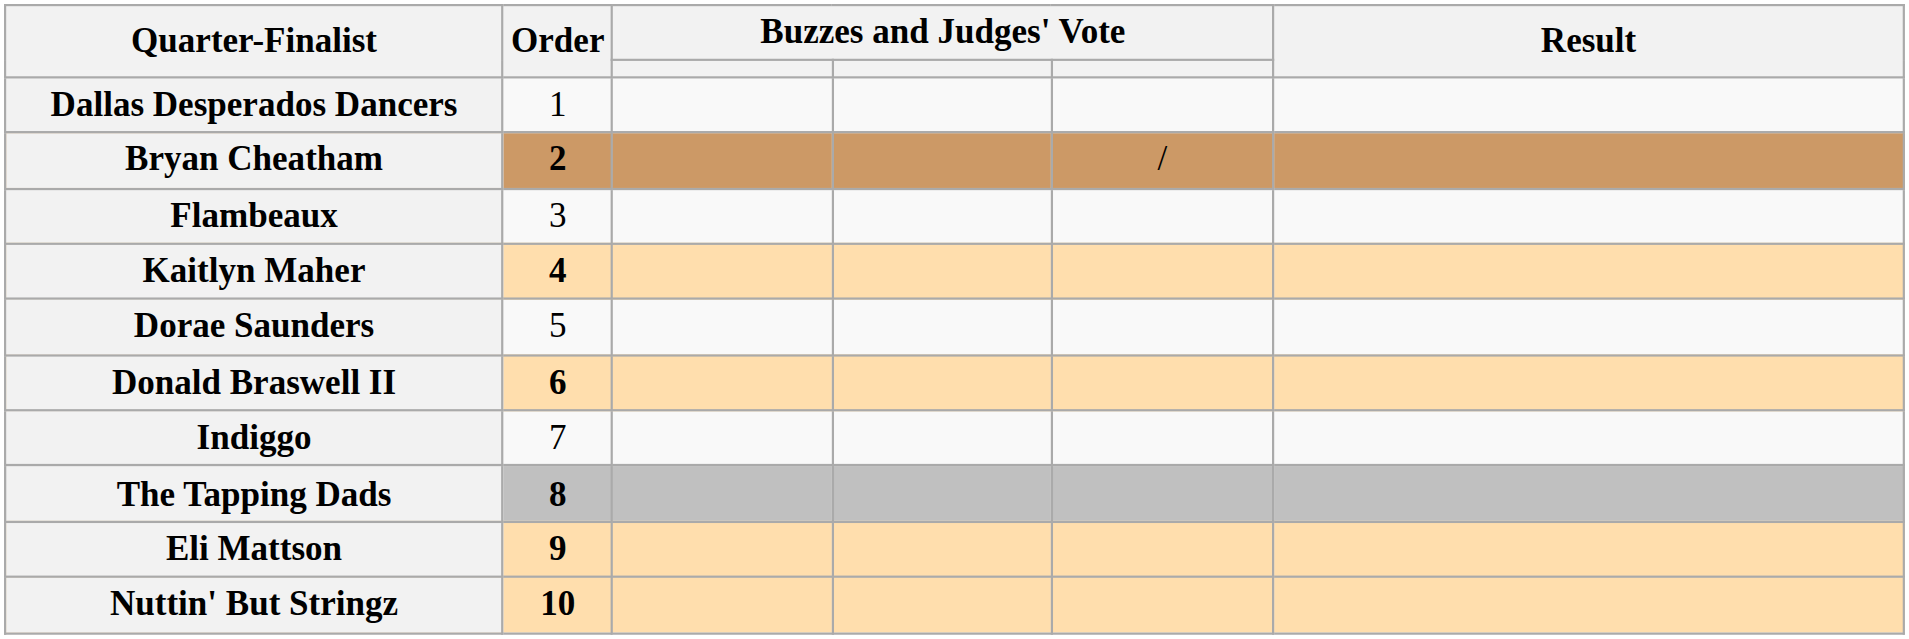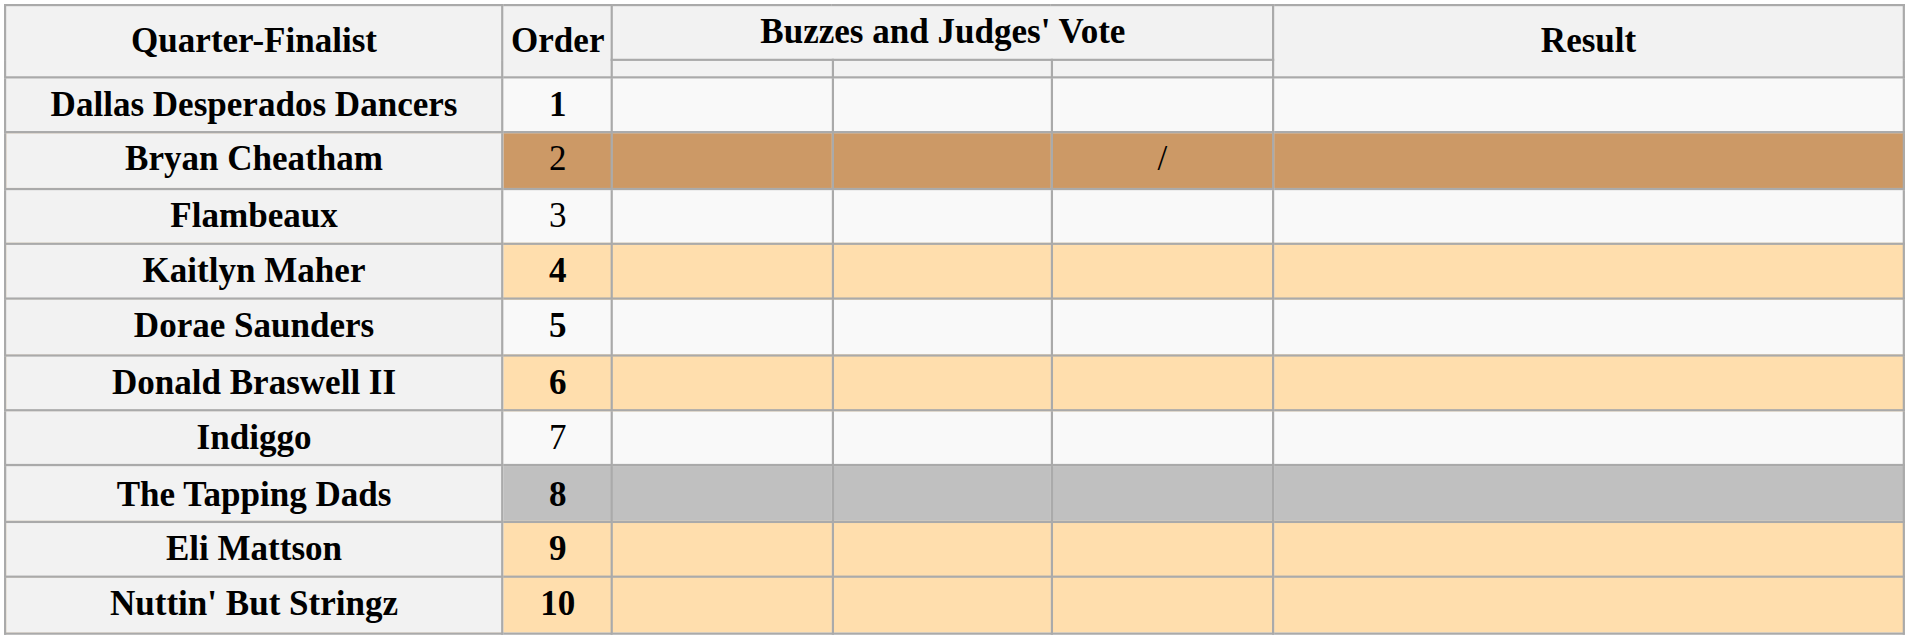 <table class="wikitable plainrowheaders sortable" style="text-align:center;">
 <tr>
 <th scope="col" rowspan="2" class="unsortable" style="width:17em;">Quarter-Finalist</th>
 <th scope="col" rowspan="2" style="width:1em;">Order</th>
 <th scope="col" colspan="3" class="unsortable" style="width:24em;">Buzzes and Judges' Vote</th>
 <th scope="col" rowspan="2" style="width:23em;">Result</th>
 </tr>
 <tr>
 <th scope="col" class="unsortable" style="width:6em;"></th>
 <th scope="col" class="unsortable" style="width:6em;"></th>
 <th scope="col" class="unsortable" style="width:6em;"></th>
 </tr>
 <tr>
 <th scope="row">Dallas Desperados Dancers</th>
-<td>1</td>
+<td><strong>1</strong></td>
 <td style="text-align:center;"></td>
 <td style="text-align:center;"></td>
 <td style="text-align:center;"></td>
 <td></td>
 </tr>
 <tr style="background:#c96;">
 <th scope="row">Bryan Cheatham</th>
-<td><strong>2</strong></td>
+<td>2</td>
 <td style="text-align:center;"></td>
 <td style="text-align:center;"></td>
 <td style="text-align:center;"> / </td>
 <td></td>
 </tr>
 <tr>
 <th scope="row">Flambeaux</th>
 <td>3</td>
 <td style="text-align:center;"></td>
 <td style="text-align:center;"></td>
 <td style="text-align:center;"></td>
 <td></td>
 </tr>
 <tr style="background:NavajoWhite;">
 <th scope="row"><strong>Kaitlyn Maher</strong></th>
 <td><strong>4</strong></td>
 <td style="text-align:center;"></td>
 <td style="text-align:center;"></td>
 <td style="text-align:center;"></td>
 <td><strong></strong></td>
 </tr>
 <tr>
 <th scope="row">Dorae Saunders</th>
-<td>5</td>
+<td><strong>5</strong></td>
 <td style="text-align:center;"></td>
 <td style="text-align:center;"></td>
 <td style="text-align:center;"></td>
 <td></td>
 </tr>
 <tr style="background:NavajoWhite;">
 <th scope="row"><strong>Donald Braswell II</strong></th>
 <td><strong>6</strong></td>
 <td style="text-align:center;"></td>
 <td style="text-align:center;"></td>
 <td style="text-align:center;"></td>
 <td><strong></strong></td>
 </tr>
 <tr>
 <th scope="row">Indiggo</th>
 <td>7</td>
 <td style="text-align:center;"></td>
 <td style="text-align:center;"></td>
 <td style="text-align:center;"></td>
 <td></td>
 </tr>
 <tr style="background:silver;">
 <th scope="row"><strong>The Tapping Dads</strong></th>
 <td><strong>8</strong></td>
 <td style="text-align:center;"></td>
 <td style="text-align:center;"></td>
 <td style="text-align:center;"></td>
 <td><strong></strong></td>
 </tr>
 <tr style="background:NavajoWhite;">
 <th scope="row"><strong>Eli Mattson</strong></th>
 <td><strong>9</strong></td>
 <td style="text-align:center;"></td>
 <td style="text-align:center;"></td>
 <td style="text-align:center;"></td>
 <td><strong></strong></td>
 </tr>
 <tr style="background:NavajoWhite;">
 <th scope="row"><strong>Nuttin' But Stringz</strong></th>
 <td><strong>10</strong></td>
 <td style="text-align:center;"></td>
 <td style="text-align:center;"></td>
 <td style="text-align:center;"></td>
 <td><strong></strong></td>
 </tr>
 </table>
